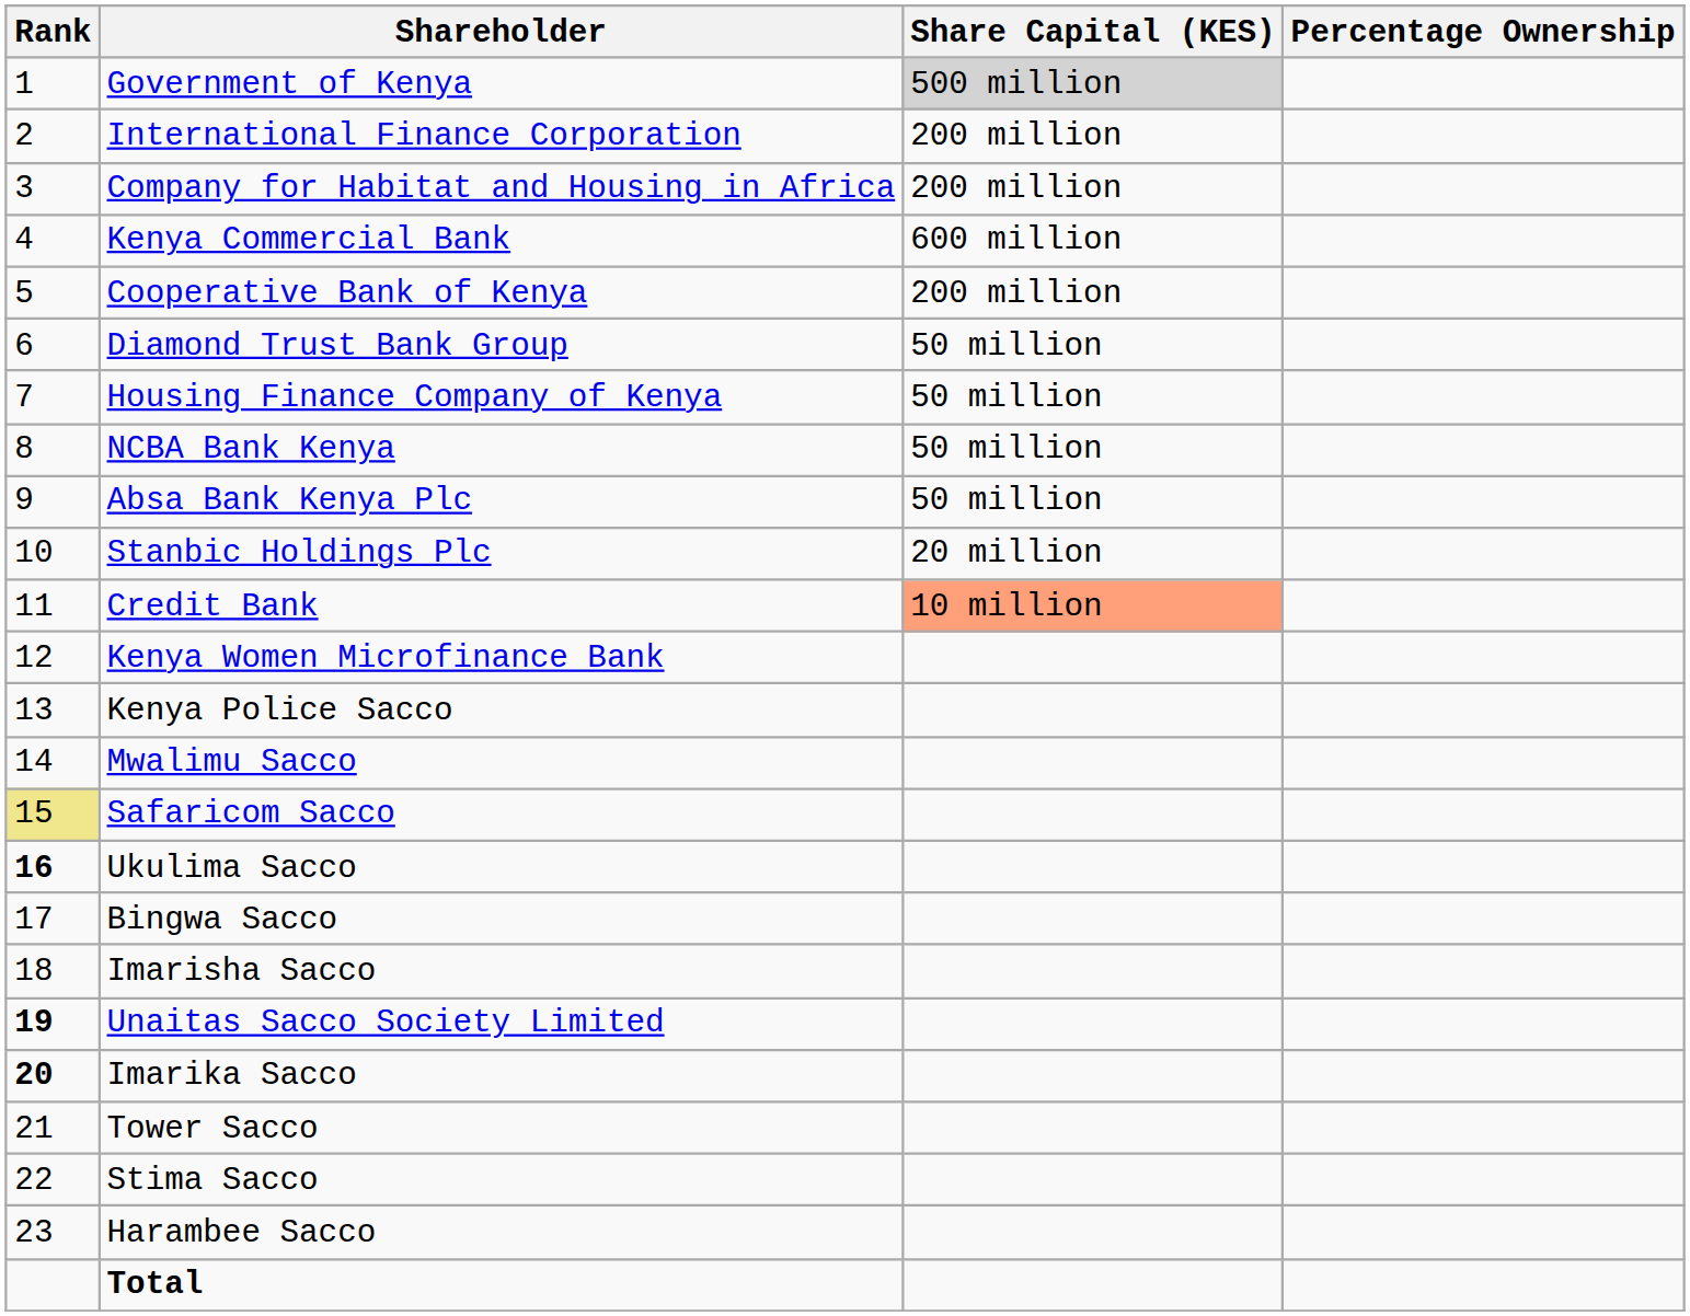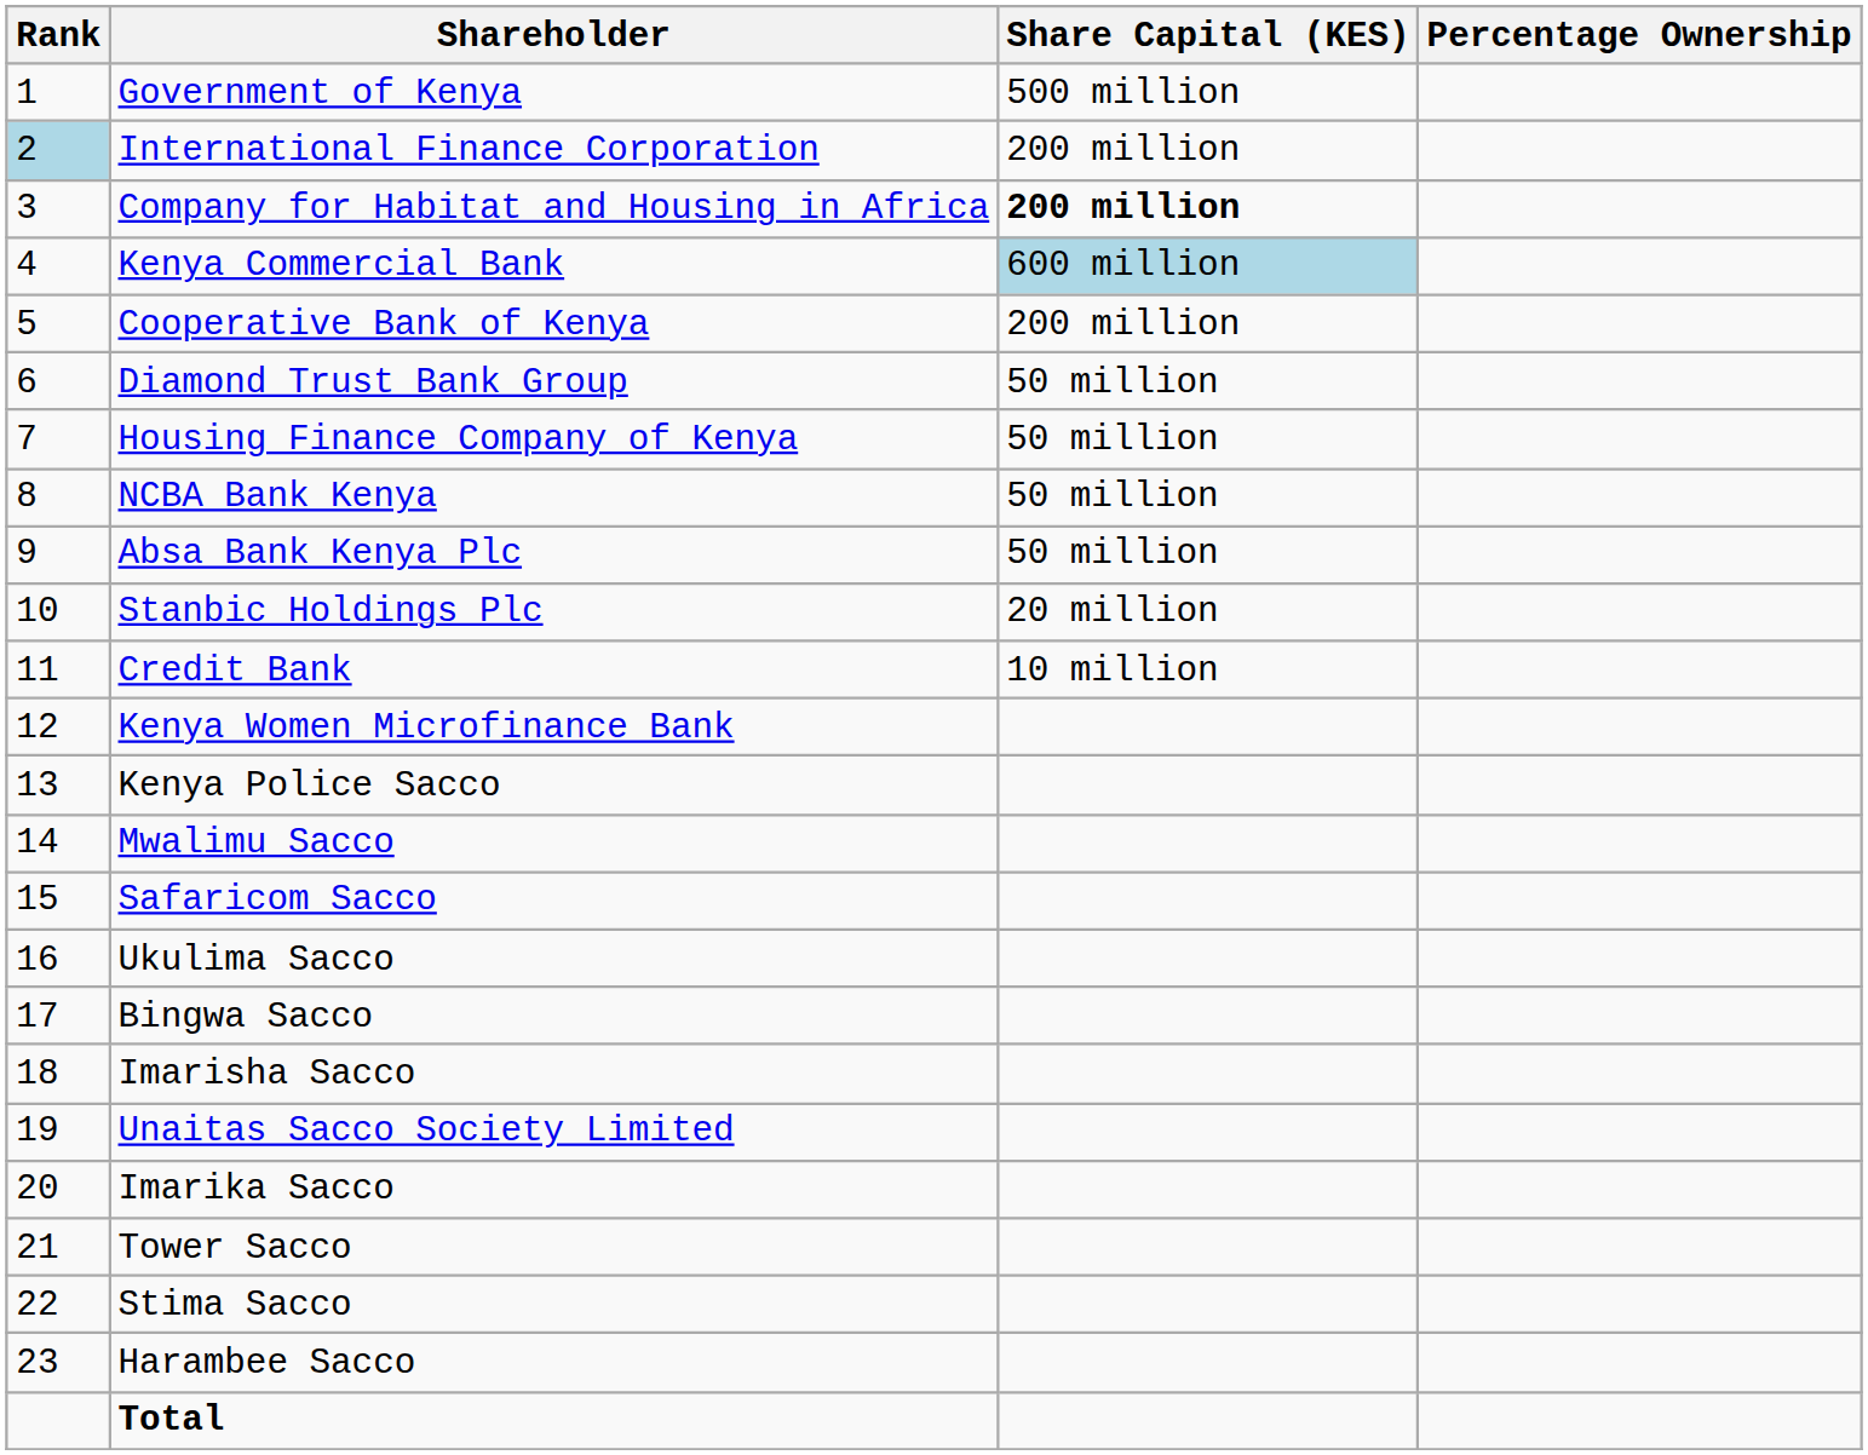 <table class="wikitable sortable" style="margin: 0.5em auto">
 <tr>
 <th>Rank</th>
 <th>Shareholder</th>
 <th>Share Capital (KES)</th>
 <th>Percentage Ownership</th>
 </tr>
 <tr>
 <td>1</td>
 <td><a href='#'>Government of Kenya</a></td>
-<td style="background: lightgrey;">500 million</td>
+<td>500 million</td>
 <td></td>
 </tr>
 <tr>
-<td>2</td>
+<td style="background: lightblue;">2</td>
 <td><a href='#'>International Finance Corporation</a></td>
 <td>200 million</td>
 <td></td>
 </tr>
 <tr>
 <td>3</td>
 <td><a href='#'>Company for Habitat and Housing in Africa</a></td>
-<td>200 million</td>
+<td><strong>200 million</strong></td>
 <td></td>
 </tr>
 <tr>
 <td>4</td>
 <td><a href='#'>Kenya Commercial Bank</a></td>
-<td>600 million</td>
+<td style="background: lightblue;">600 million</td>
 <td></td>
 </tr>
 <tr>
 <td>5</td>
 <td><a href='#'>Cooperative Bank of Kenya</a></td>
 <td>200 million</td>
 <td></td>
 </tr>
 <tr>
 <td>6</td>
 <td><a href='#'>Diamond Trust Bank Group</a></td>
 <td>50 million  </td>
 <td></td>
 </tr>
 <tr>
 <td>7</td>
 <td><a href='#'>Housing Finance Company of Kenya</a></td>
 <td>50 million  </td>
 <td></td>
 </tr>
 <tr>
 <td>8</td>
 <td><a href='#'>NCBA Bank Kenya</a></td>
 <td>50 million  </td>
 <td></td>
 </tr>
 <tr>
 <td>9</td>
 <td><a href='#'>Absa Bank Kenya Plc</a></td>
 <td>50 million  </td>
 <td></td>
 </tr>
 <tr>
 <td>10</td>
 <td><a href='#'>Stanbic Holdings Plc</a></td>
 <td>20 million  </td>
 <td></td>
 </tr>
 <tr>
 <td>11</td>
 <td><a href='#'>Credit Bank</a></td>
-<td style="background: lightsalmon;">10 million  </td>
+<td>10 million  </td>
 <td></td>
 </tr>
 <tr>
 <td>12</td>
 <td><a href='#'>Kenya Women Microfinance Bank</a></td>
 <td></td>
 <td></td>
 </tr>
 <tr>
 <td>13</td>
 <td>Kenya Police Sacco</td>
 <td></td>
 <td></td>
 </tr>
 <tr>
 <td>14</td>
 <td><a href='#'> Mwalimu Sacco</a></td>
 <td></td>
 <td></td>
 </tr>
 <tr>
-<td style="background: khaki;">15</td>
+<td>15</td>
 <td><a href='#'>Safaricom Sacco</a></td>
 <td></td>
 <td></td>
 </tr>
 <tr>
-<td><strong>16</strong></td>
+<td>16</td>
 <td>Ukulima Sacco</td>
 <td></td>
 <td></td>
 </tr>
 <tr>
 <td>17</td>
 <td>Bingwa Sacco</td>
 <td></td>
 <td></td>
 </tr>
 <tr>
 <td>18</td>
 <td>Imarisha Sacco</td>
 <td></td>
 <td></td>
 </tr>
 <tr>
-<td><strong>19</strong></td>
+<td>19</td>
 <td><a href='#'>Unaitas Sacco Society Limited</a></td>
 <td></td>
 <td></td>
 </tr>
 <tr>
-<td><strong>20</strong></td>
+<td>20</td>
 <td>Imarika Sacco</td>
 <td></td>
 <td></td>
 </tr>
 <tr>
 <td>21</td>
 <td>Tower Sacco</td>
 <td></td>
 <td></td>
 </tr>
 <tr>
 <td>22</td>
 <td>Stima Sacco</td>
 <td></td>
 <td></td>
 </tr>
 <tr>
 <td>23</td>
 <td>Harambee Sacco</td>
 <td> </td>
 <td></td>
 </tr>
 <tr>
 <td></td>
 <td><strong>Total</strong></td>
 <td></td>
 <td></td>
 </tr>
 <tr>
 </tr>
 </table>
